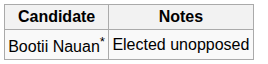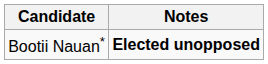 <table class=wikitable style=text-align:right>
 <tr>
 <th>Candidate</th>
 <th>Notes</th>
 </tr>
 <tr>
 <td align=left>Bootii Nauan<sup>*</sup></td>
-<td>Elected unopposed</td>
+<td><strong>Elected unopposed</strong></td>
 </tr>
 </table>
